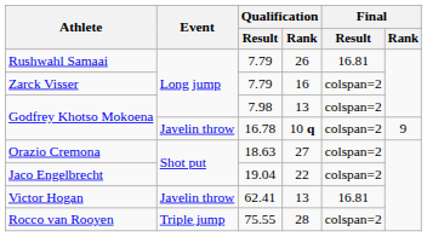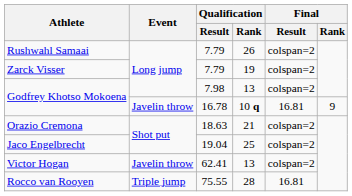 <table class="wikitable" style="font-size:90%">
 <tr>
 <th rowspan="2">Athlete</th>
 <th rowspan="2">Event</th>
 <th colspan="2">Qualification</th>
 <th colspan="2">Final</th>
 </tr>
 <tr style="font-size:95%">
 <th>Result</th>
 <th>Rank</th>
 <th>Result</th>
 <th>Rank</th>
 </tr>
 <tr style=text-align:center>
 <td style=text-align:left><a href='#'>Rushwahl Samaai</a></td>
 <td style=text-align:left rowspan=3><a href='#'>Long jump</a></td>
 <td>7.79</td>
 <td>26</td>
-<td>16.81</td>
+<td>colspan=2 </td>
 </tr>
 <tr style=text-align:center>
 <td style=text-align:left><a href='#'>Zarck Visser</a></td>
 <td>7.79</td>
-<td>16</td>
+<td>19</td>
 <td>colspan=2 </td>
 </tr>
 <tr style=text-align:center>
 <td style=text-align:left rowspan=2><a href='#'>Godfrey Khotso Mokoena</a></td>
 <td>7.98</td>
 <td>13</td>
 <td>colspan=2 </td>
 </tr>
 <tr style=text-align:center>
 <td style=text-align:left><a href='#'>Javelin throw</a></td>
 <td>16.78</td>
 <td>10 <strong>q</strong></td>
-<td>colspan=2 </td>
+<td>16.81</td>
 <td>9</td>
 </tr>
 <tr style=text-align:center>
 <td style=text-align:left><a href='#'>Orazio Cremona</a></td>
 <td style=text-align:left rowspan=2><a href='#'>Shot put</a></td>
 <td>18.63</td>
-<td>27</td>
+<td>21</td>
 <td>colspan=2 </td>
 </tr>
 <tr style=text-align:center>
 <td style=text-align:left><a href='#'>Jaco Engelbrecht</a></td>
 <td>19.04</td>
-<td>22</td>
+<td>25</td>
 <td>colspan=2 </td>
 </tr>
 <tr style=text-align:center>
 <td style=text-align:left><a href='#'>Victor Hogan</a></td>
 <td style=text-align:left><a href='#'>Javelin throw</a></td>
 <td>62.41</td>
 <td>13</td>
-<td>16.81</td>
+<td>colspan=2 </td>
 </tr>
 <tr style=text-align:center>
 <td style=text-align:left><a href='#'>Rocco van Rooyen</a></td>
 <td style=text-align:left><a href='#'>Triple jump</a></td>
 <td>75.55</td>
 <td>28</td>
-<td>colspan=2 </td>
+<td>16.81</td>
 </tr>
 </table>
